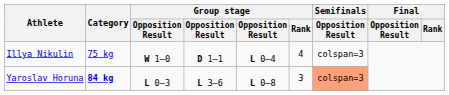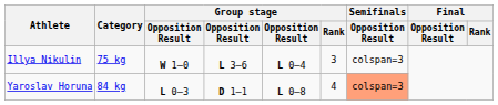 <table class="wikitable" style="text-align:center; font-size:90%">
 <tr>
 <th rowspan=2>Athlete</th>
 <th rowspan=2>Category</th>
 <th colspan=4>Group stage</th>
 <th>Semifinals</th>
 <th colspan=2>Final</th>
 </tr>
 <tr style="font-size:95%">
 <th>Opposition<br>Result</th>
 <th>Opposition<br>Result</th>
 <th>Opposition<br>Result</th>
 <th>Rank</th>
 <th>Opposition<br>Result</th>
 <th>Opposition<br>Result</th>
 <th>Rank</th>
 </tr>
 <tr>
 <td align=left><a href='#'>Illya Nikulin</a></td>
 <td align=left><a href='#'>75 kg</a></td>
 <td><br> <strong>W</strong> 1–0</td>
-<td><br> <strong>D</strong> 1–1</td>
+<td><br> <strong>L</strong> 3–6</td>
 <td><br> <strong>L</strong> 0–4</td>
-<td>4</td>
+<td>3</td>
 <td>colspan=3 </td>
 </tr>
 <tr>
 <td align=left><a href='#'>Yaroslav Horuna</a></td>
-<td align=left><strong><a href='#'>84 kg</a></strong></td>
+<td align=left><a href='#'>84 kg</a></td>
 <td><br> <strong>L</strong> 0–3</td>
-<td><br> <strong>L</strong> 3–6</td>
+<td><br> <strong>D</strong> 1–1</td>
 <td><br> <strong>L</strong> 0–8</td>
-<td>3</td>
+<td>4</td>
 <td style="background: lightsalmon;">colspan=3 </td>
 </tr>
 </table>
